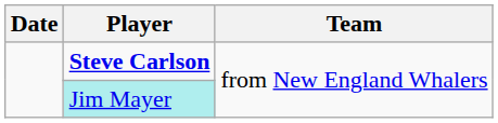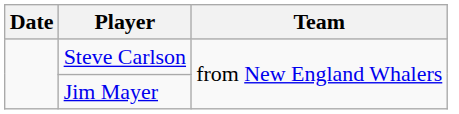 <table class="wikitable">
 <tr>
 <th>Date</th>
 <th>Player</th>
 <th>Team</th>
 </tr>
 <tr>
 <td rowspan=2></td>
-<td><strong><a href='#'>Steve Carlson</a></strong></td>
+<td><a href='#'>Steve Carlson</a></td>
 <td rowspan=2>from <a href='#'>New England Whalers</a></td>
 </tr>
 <tr>
-<td style="background: paleturquoise;"><a href='#'>Jim Mayer</a></td>
+<td><a href='#'>Jim Mayer</a></td>
 </tr>
 </table>
